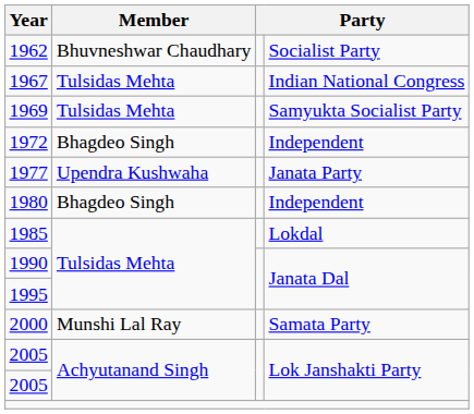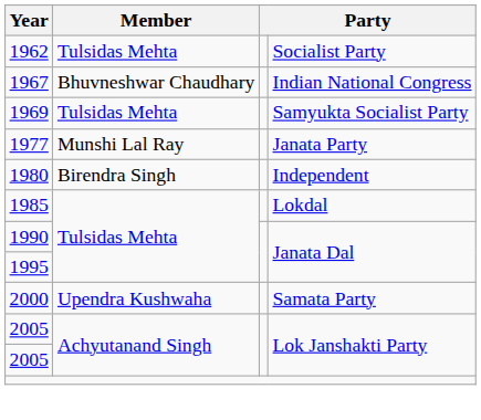 <table class="wikitable">
 <tr>
 <th>Year</th>
 <th>Member</th>
 <th colspan="2">Party</th>
 </tr>
 <tr>
 <td><a href='#'>1962</a></td>
-<td>Bhuvneshwar Chaudhary</td>
+<td><a href='#'>Tulsidas Mehta</a></td>
 <td style="background-color:"></td>
 <td><a href='#'>Socialist Party</a></td>
 </tr>
 <tr>
 <td><a href='#'>1967</a></td>
-<td><a href='#'>Tulsidas Mehta</a></td>
+<td>Bhuvneshwar Chaudhary</td>
 <td style="background-color:"></td>
 <td><a href='#'>Indian National Congress</a></td>
 </tr>
 <tr>
 <td><a href='#'>1969</a></td>
 <td><a href='#'>Tulsidas Mehta</a></td>
 <td style="background-color:"></td>
 <td><a href='#'>Samyukta Socialist Party</a></td>
 </tr>
 <tr>
-<td><a href='#'>1972</a></td>
-<td>Bhagdeo Singh</td>
-<td style="background-color:"></td>
-<td><a href='#'>Independent</a></td>
-</tr>
-<tr>
 <td><a href='#'>1977</a></td>
-<td><a href='#'>Upendra Kushwaha</a></td>
+<td>Munshi Lal Ray</td>
 <td style="background-color:"></td>
 <td><a href='#'>Janata Party</a></td>
 </tr>
 <tr>
 <td><a href='#'>1980</a></td>
-<td>Bhagdeo Singh</td>
+<td>Birendra Singh</td>
 <td style="background-color:"></td>
 <td><a href='#'>Independent</a></td>
 </tr>
 <tr>
 <td><a href='#'>1985</a></td>
 <td rowspan="3"><a href='#'>Tulsidas Mehta</a></td>
 <td style="background-color:"></td>
 <td><a href='#'>Lokdal</a></td>
 </tr>
 <tr>
 <td><a href='#'>1990</a></td>
 <td rowspan="2" style="background-color:"></td>
 <td rowspan="2"><a href='#'>Janata Dal</a></td>
 </tr>
 <tr>
 <td><a href='#'>1995</a></td>
 </tr>
 <tr>
 <td><a href='#'>2000</a></td>
-<td>Munshi Lal Ray</td>
+<td><a href='#'>Upendra Kushwaha</a></td>
 <td style="background-color:"></td>
 <td><a href='#'>Samata Party</a></td>
 </tr>
 <tr>
 <td><a href='#'>2005</a></td>
 <td rowspan="2"><a href='#'>Achyutanand Singh</a></td>
 <td rowspan="2" style="background-color:"></td>
 <td rowspan="2"><a href='#'>Lok Janshakti Party</a></td>
 </tr>
 <tr>
 <td><a href='#'>2005</a></td>
 </tr>
 <tr>
 <td colspan="4"></td>
 </tr>
 </table>
